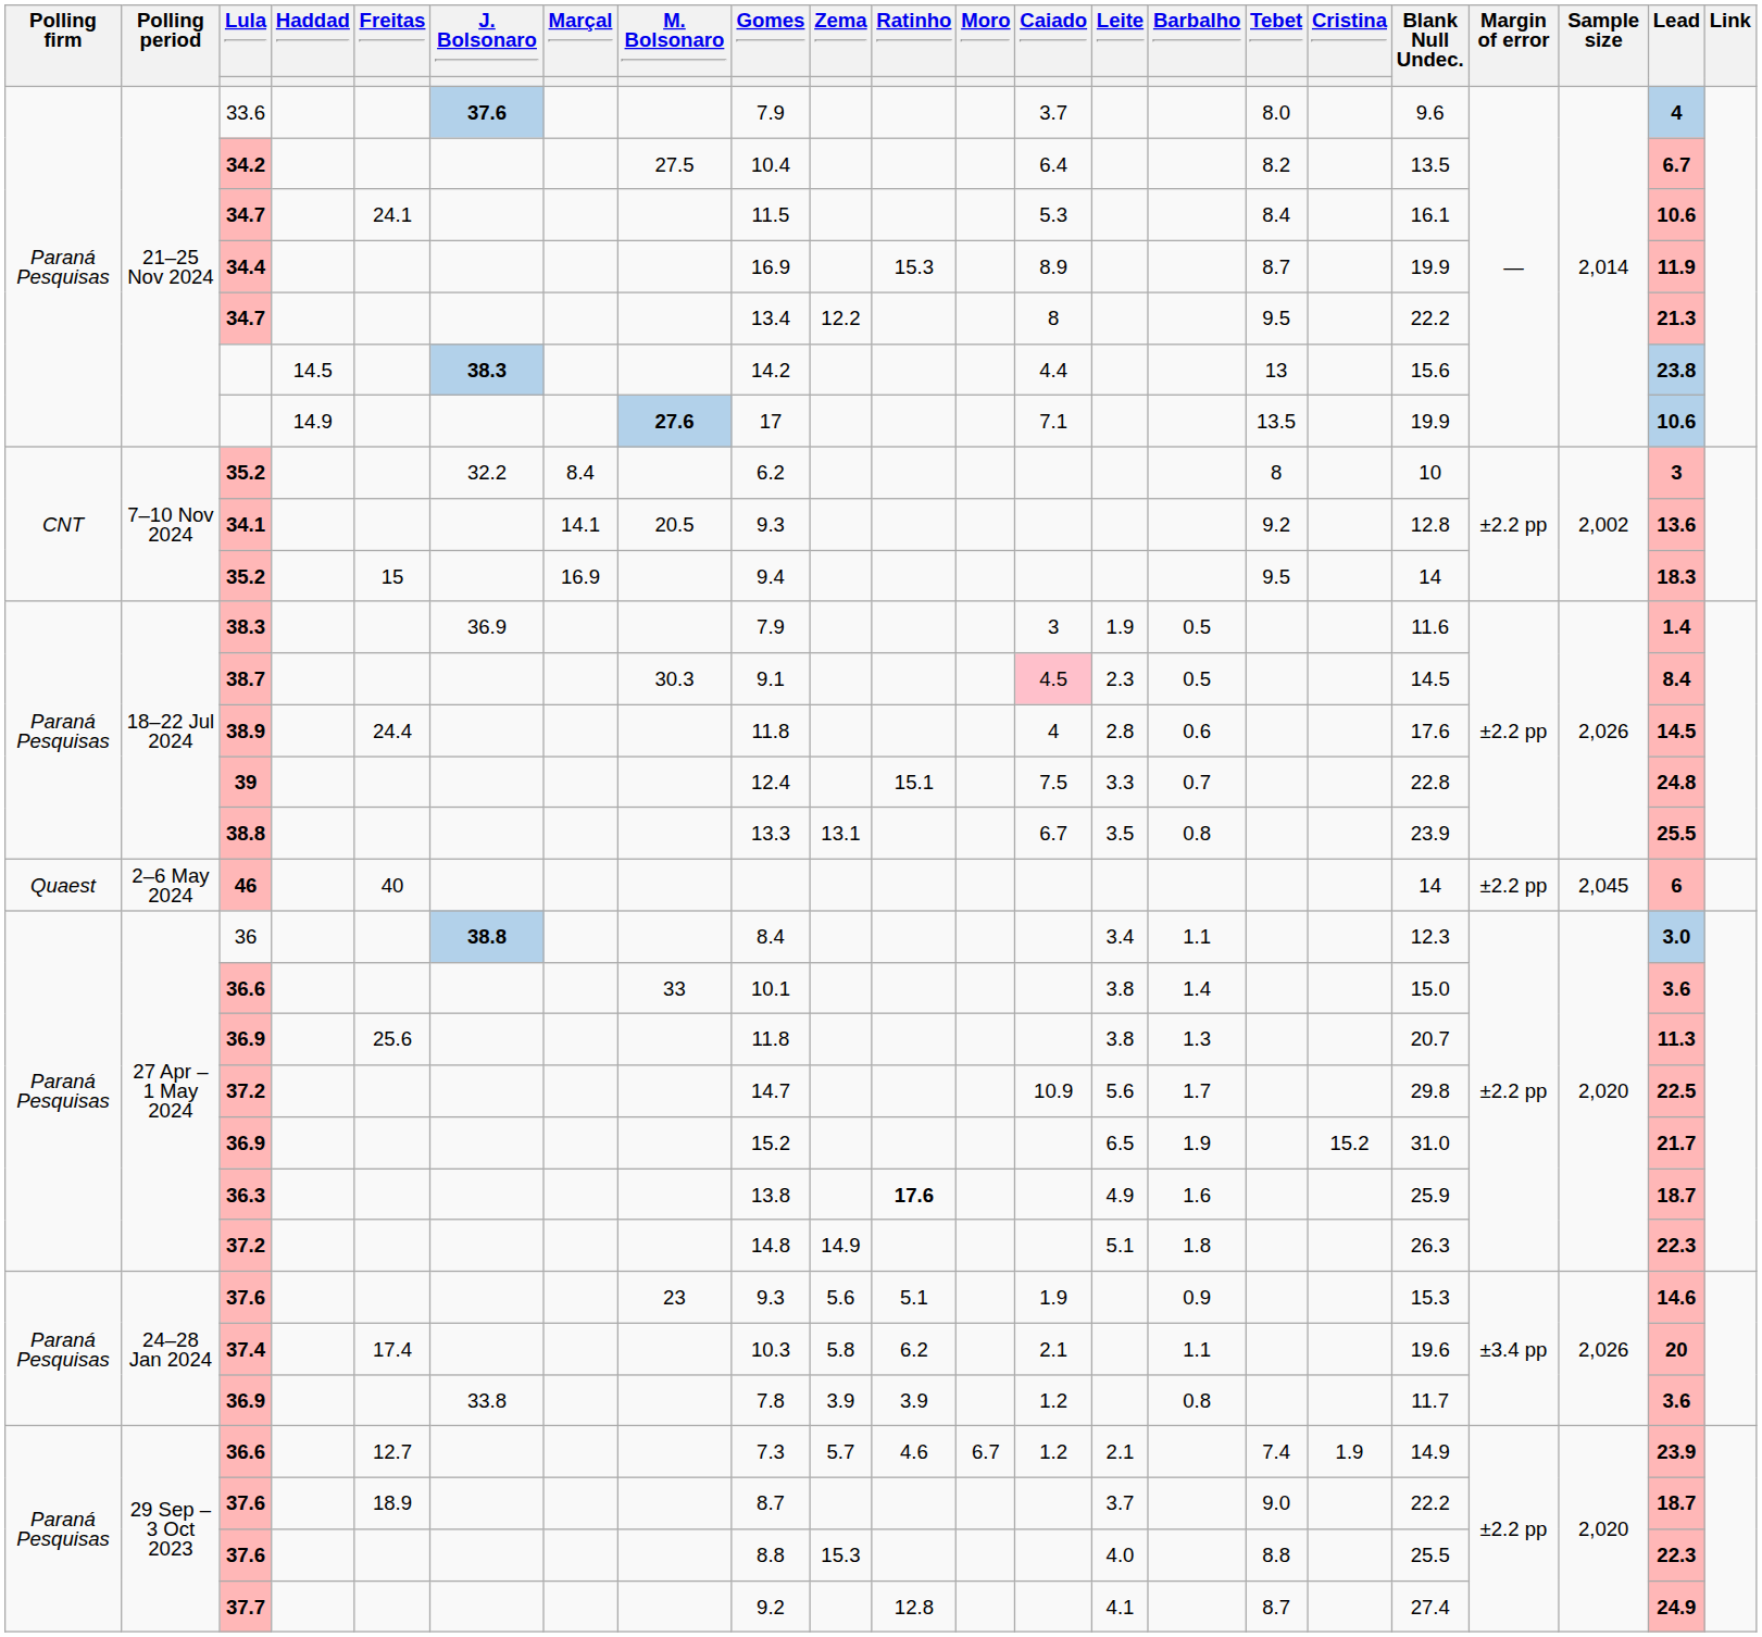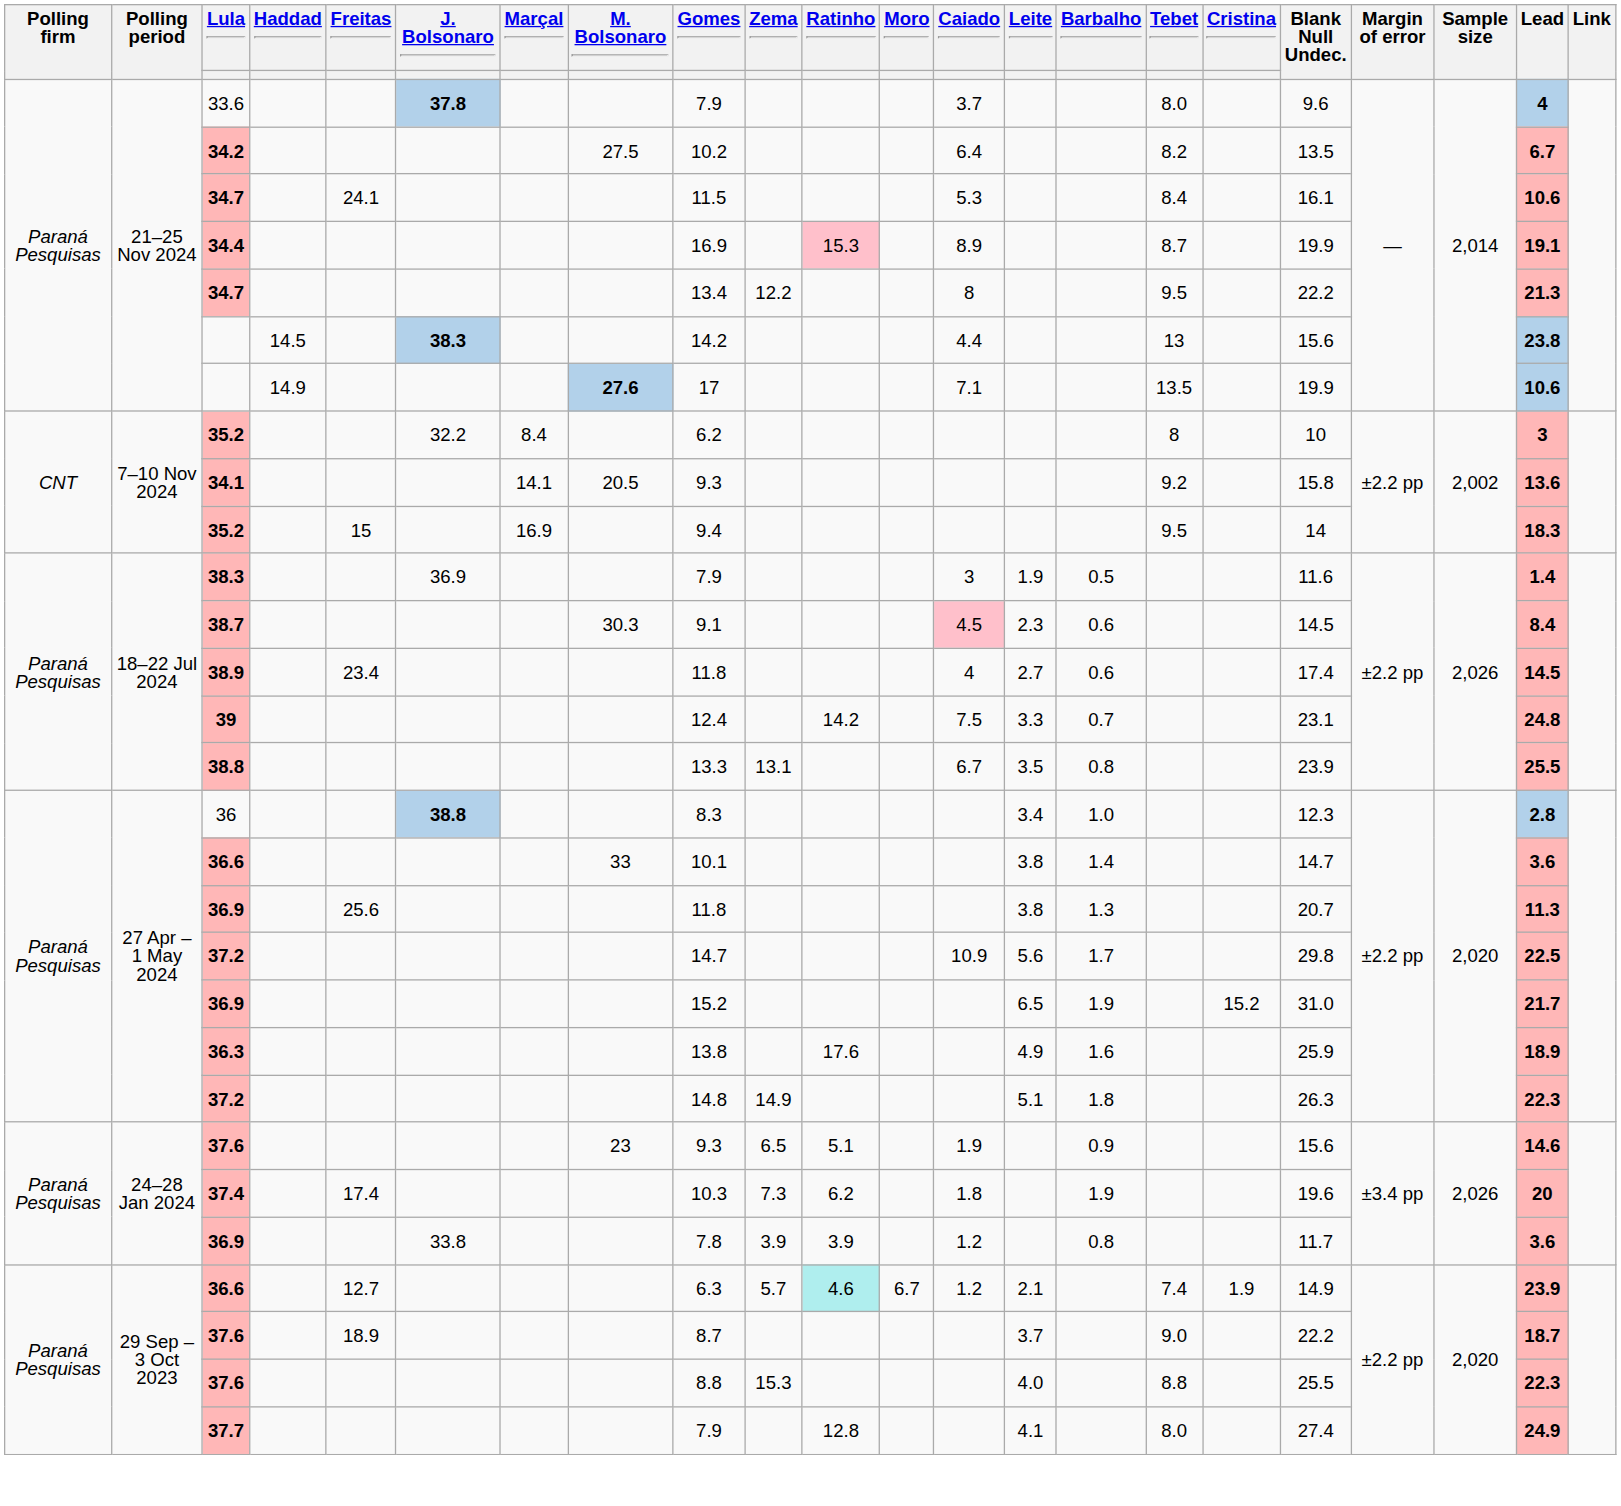 <table class="wikitable" style="text-align:center;font-size:90%;line-height:14px">
 <tr valign=top>
 <th rowspan="2">Polling firm</th>
 <th rowspan="2">Polling period</th>
 <th><a href='#'>Lula</a><hr></th>
 <th><a href='#'>Haddad</a><hr></th>
 <th><a href='#'>Freitas</a><hr></th>
 <th><a href='#'>J. Bolsonaro</a><hr></th>
 <th><a href='#'>Marçal</a><hr></th>
 <th><a href='#'>M. Bolsonaro</a><hr></th>
 <th><a href='#'>Gomes</a><hr></th>
 <th><a href='#'>Zema</a><hr></th>
 <th><a href='#'>Ratinho</a><hr></th>
 <th><a href='#'>Moro</a><hr></th>
 <th><a href='#'>Caiado</a><hr></th>
 <th><a href='#'>Leite</a><hr></th>
 <th><a href='#'>Barbalho</a><hr></th>
 <th><a href='#'>Tebet</a><hr></th>
 <th><a href='#'>Cristina</a><hr></th>
 <th rowspan="2">Blank<br>Null<br>Undec.<br></th>
 <th rowspan="2">Margin of error<br></th>
 <th rowspan="2">Sample size</th>
 <th rowspan="2">Lead</th>
 <th rowspan="2">Link</th>
 </tr>
 <tr>
 <th style=background:></th>
 <th style=background:></th>
 <th style="background:"></th>
 <th style="background:"></th>
 <th style=background:></th>
 <th style="background:"></th>
 <th style=background:></th>
 <th style=background:></th>
 <th style=background:></th>
 <th style="background:"></th>
 <th style="background:"></th>
 <th style=background:></th>
 <th style="background:"></th>
 <th style="background:"></th>
 <th style="background:"></th>
 </tr>
 <tr>
 <td rowspan="7"><em>Paraná Pesquisas</em></td>
 <td rowspan="7">21–25 Nov 2024</td>
 <td>33.6</td>
 <td></td>
 <td></td>
-<td style="background:#b2d1ea;font-weight:bold;height:30px">37.6</td>
+<td style="background:#b2d1ea;font-weight:bold;height:30px">37.8</td>
 <td></td>
 <td></td>
 <td>7.9</td>
 <td></td>
 <td></td>
 <td></td>
 <td>3.7</td>
 <td></td>
 <td></td>
 <td>8.0</td>
 <td></td>
 <td>9.6</td>
 <td rowspan="7">—</td>
 <td rowspan="7">2,014</td>
 <td style="background:#b2d1ea;font-weight:bold">4</td>
 <td rowspan="7"></td>
 </tr>
 <tr>
 <td style="background:#ffb7b7;font-weight:bold;height:30px">34.2</td>
 <td></td>
 <td></td>
 <td></td>
 <td></td>
 <td>27.5</td>
-<td>10.4</td>
+<td>10.2</td>
 <td></td>
 <td></td>
 <td></td>
 <td>6.4</td>
 <td></td>
 <td></td>
 <td>8.2</td>
 <td></td>
 <td>13.5</td>
 <td style="background:#ffb7b7;font-weight:bold">6.7</td>
 </tr>
 <tr>
 <td style="background:#ffb7b7;font-weight:bold;height:30px">34.7</td>
 <td></td>
 <td>24.1</td>
 <td></td>
 <td></td>
 <td></td>
 <td>11.5</td>
 <td></td>
 <td></td>
 <td></td>
 <td>5.3</td>
 <td></td>
 <td></td>
 <td>8.4</td>
 <td></td>
 <td>16.1</td>
 <td style="background:#ffb7b7;font-weight:bold">10.6</td>
 </tr>
 <tr>
 <td style="background:#ffb7b7;font-weight:bold;height:30px">34.4</td>
 <td></td>
 <td></td>
 <td></td>
 <td></td>
 <td></td>
 <td>16.9</td>
 <td></td>
-<td>15.3</td>
+<td style="background: pink;">15.3</td>
 <td></td>
 <td>8.9</td>
 <td></td>
 <td></td>
 <td>8.7</td>
 <td></td>
 <td>19.9</td>
-<td style="background:#ffb7b7;font-weight:bold">11.9</td>
+<td style="background:#ffb7b7;font-weight:bold">19.1</td>
 </tr>
 <tr>
 <td style="background:#ffb7b7;font-weight:bold;height:30px">34.7</td>
 <td></td>
 <td></td>
 <td></td>
 <td></td>
 <td></td>
 <td>13.4</td>
 <td>12.2</td>
 <td></td>
 <td></td>
 <td>8</td>
 <td></td>
 <td></td>
 <td>9.5</td>
 <td></td>
 <td>22.2</td>
 <td style="background:#ffb7b7;font-weight:bold">21.3</td>
 </tr>
 <tr>
 <td></td>
 <td>14.5</td>
 <td></td>
 <td style="background:#b2d1ea;font-weight:bold;height:30px">38.3</td>
 <td></td>
 <td></td>
 <td>14.2</td>
 <td></td>
 <td></td>
 <td></td>
 <td>4.4</td>
 <td></td>
 <td></td>
 <td>13</td>
 <td></td>
 <td>15.6</td>
 <td style="background:#b2d1ea;font-weight:bold">23.8</td>
 </tr>
 <tr>
 <td></td>
 <td>14.9</td>
 <td></td>
 <td></td>
 <td></td>
 <td style="background:#b2d1ea;font-weight:bold;height:30px">27.6</td>
 <td>17</td>
 <td></td>
 <td></td>
 <td></td>
 <td>7.1</td>
 <td></td>
 <td></td>
 <td>13.5</td>
 <td></td>
 <td>19.9</td>
 <td style="background:#b2d1ea;font-weight:bold">10.6</td>
 </tr>
 <tr>
 <td rowspan="3"><em>CNT</em></td>
 <td rowspan="3">7–10 Nov 2024</td>
 <td style="background:#ffb7b7;font-weight:bold;height:30px">35.2</td>
 <td></td>
 <td></td>
 <td>32.2</td>
 <td>8.4</td>
 <td></td>
 <td>6.2</td>
 <td></td>
 <td></td>
 <td></td>
 <td></td>
 <td></td>
 <td></td>
 <td>8</td>
 <td></td>
 <td>10</td>
 <td rowspan="3">±2.2 pp</td>
 <td rowspan="3">2,002</td>
 <td style="background:#ffb7b7;font-weight:bold">3</td>
 <td rowspan="3"></td>
 </tr>
 <tr>
 <td style="background:#ffb7b7;font-weight:bold;height:30px">34.1</td>
 <td></td>
 <td></td>
 <td></td>
 <td>14.1</td>
 <td>20.5</td>
 <td>9.3</td>
 <td></td>
 <td></td>
 <td></td>
 <td></td>
 <td></td>
 <td></td>
 <td>9.2</td>
 <td></td>
-<td>12.8</td>
+<td>15.8</td>
 <td style="background:#ffb7b7;font-weight:bold">13.6</td>
 </tr>
 <tr>
 <td style="background:#ffb7b7;font-weight:bold;height:30px">35.2</td>
 <td></td>
 <td>15</td>
 <td></td>
 <td>16.9</td>
 <td></td>
 <td>9.4</td>
 <td></td>
 <td></td>
 <td></td>
 <td></td>
 <td></td>
 <td></td>
 <td>9.5</td>
 <td></td>
 <td>14</td>
 <td style="background:#ffb7b7;font-weight:bold">18.3</td>
 </tr>
 <tr>
 <td rowspan="5"><em>Paraná Pesquisas</em></td>
 <td rowspan="5">18–22 Jul 2024</td>
 <td style="background:#ffb7b7;font-weight:bold;height:30px">38.3</td>
 <td></td>
 <td></td>
 <td>36.9</td>
 <td></td>
 <td></td>
 <td>7.9</td>
 <td></td>
 <td></td>
 <td></td>
 <td>3</td>
 <td>1.9</td>
 <td>0.5</td>
 <td></td>
 <td></td>
 <td>11.6</td>
 <td rowspan="5">±2.2 pp</td>
 <td rowspan="5">2,026</td>
 <td style="background:#ffb7b7;font-weight:bold">1.4</td>
 <td rowspan="5"></td>
 </tr>
 <tr>
 <td style="background:#ffb7b7;font-weight:bold;height:30px">38.7</td>
 <td></td>
 <td></td>
 <td></td>
 <td></td>
 <td>30.3</td>
 <td>9.1</td>
 <td></td>
 <td></td>
 <td></td>
 <td style="background: pink;">4.5</td>
 <td>2.3</td>
-<td>0.5</td>
+<td>0.6</td>
 <td></td>
 <td></td>
 <td>14.5</td>
 <td style="background:#ffb7b7;font-weight:bold">8.4</td>
 </tr>
 <tr>
 <td style="background:#ffb7b7;font-weight:bold;height:30px">38.9</td>
 <td></td>
-<td>24.4</td>
+<td>23.4</td>
 <td></td>
 <td></td>
 <td></td>
 <td>11.8</td>
 <td></td>
 <td></td>
 <td></td>
 <td>4</td>
-<td>2.8</td>
+<td>2.7</td>
 <td>0.6</td>
 <td></td>
 <td></td>
-<td>17.6</td>
+<td>17.4</td>
 <td style="background:#ffb7b7;font-weight:bold">14.5</td>
 </tr>
 <tr>
 <td style="background:#ffb7b7;font-weight:bold;height:30px">39</td>
 <td></td>
 <td></td>
 <td></td>
 <td></td>
 <td></td>
 <td>12.4</td>
 <td></td>
-<td>15.1</td>
+<td>14.2</td>
 <td></td>
 <td>7.5</td>
 <td>3.3</td>
 <td>0.7</td>
 <td></td>
 <td></td>
-<td>22.8</td>
+<td>23.1</td>
 <td style="background:#ffb7b7;font-weight:bold">24.8</td>
 </tr>
 <tr>
 <td style="background:#ffb7b7;font-weight:bold;height:30px">38.8</td>
 <td></td>
 <td></td>
 <td></td>
 <td></td>
 <td></td>
 <td>13.3</td>
 <td>13.1</td>
 <td></td>
 <td></td>
 <td>6.7</td>
 <td>3.5</td>
 <td>0.8</td>
 <td></td>
 <td></td>
 <td>23.9</td>
 <td style="background:#ffb7b7;font-weight:bold">25.5</td>
 </tr>
 <tr>
-<td><em>Quaest</em></td>
-<td>2–6 May 2024</td>
-<td style="background:#ffb7b7;font-weight:bold;height:30px">46</td>
-<td></td>
-<td>40</td>
-<td></td>
-<td></td>
-<td></td>
-<td></td>
-<td></td>
-<td></td>
-<td></td>
-<td></td>
-<td></td>
-<td></td>
-<td></td>
-<td></td>
-<td>14</td>
-<td>±2.2 pp</td>
-<td>2,045</td>
-<td style="background:#ffb7b7;font-weight:bold">6</td>
-<td></td>
-</tr>
-<tr>
 <td rowspan="7"><em>Paraná Pesquisas</em></td>
 <td rowspan="7">27 Apr – 1 May 2024</td>
 <td>36</td>
 <td></td>
 <td></td>
 <td style="background:#b2d1ea;font-weight:bold;height:30px">38.8</td>
 <td></td>
 <td></td>
-<td>8.4</td>
+<td>8.3</td>
 <td></td>
 <td></td>
 <td></td>
 <td></td>
 <td>3.4</td>
-<td>1.1</td>
+<td>1.0</td>
 <td></td>
 <td></td>
 <td>12.3</td>
 <td rowspan="7">±2.2 pp</td>
 <td rowspan="7">2,020</td>
-<td style="background:#b2d1ea;font-weight:bold">3.0</td>
+<td style="background:#b2d1ea;font-weight:bold">2.8</td>
 <td rowspan="7"></td>
 </tr>
 <tr>
 <td style="background:#ffb7b7;font-weight:bold;height:30px">36.6</td>
 <td></td>
 <td></td>
 <td></td>
 <td></td>
 <td>33</td>
 <td>10.1</td>
 <td></td>
 <td></td>
 <td></td>
 <td></td>
 <td>3.8</td>
 <td>1.4</td>
 <td></td>
 <td></td>
-<td>15.0</td>
+<td>14.7</td>
 <td style="background:#ffb7b7;font-weight:bold">3.6</td>
 </tr>
 <tr>
 <td style="background:#ffb7b7;font-weight:bold;height:30px">36.9</td>
 <td></td>
 <td>25.6</td>
 <td></td>
 <td></td>
 <td></td>
 <td>11.8</td>
 <td></td>
 <td></td>
 <td></td>
 <td></td>
 <td>3.8</td>
 <td>1.3</td>
 <td></td>
 <td></td>
 <td>20.7</td>
 <td style="background:#ffb7b7;font-weight:bold">11.3</td>
 </tr>
 <tr>
 <td style="background:#ffb7b7;font-weight:bold;height:30px">37.2</td>
 <td></td>
 <td></td>
 <td></td>
 <td></td>
 <td></td>
 <td>14.7</td>
 <td></td>
 <td></td>
 <td></td>
 <td>10.9</td>
 <td>5.6</td>
 <td>1.7</td>
 <td></td>
 <td></td>
 <td>29.8</td>
 <td style="background:#ffb7b7;font-weight:bold">22.5</td>
 </tr>
 <tr>
 <td style="background:#ffb7b7;font-weight:bold;height:30px">36.9</td>
 <td></td>
 <td></td>
 <td></td>
 <td></td>
 <td></td>
 <td>15.2</td>
 <td></td>
 <td></td>
 <td></td>
 <td></td>
 <td>6.5</td>
 <td>1.9</td>
 <td></td>
 <td>15.2</td>
 <td>31.0</td>
 <td style="background:#ffb7b7;font-weight:bold">21.7</td>
 </tr>
 <tr>
 <td style="background:#ffb7b7;font-weight:bold;height:30px">36.3</td>
 <td></td>
 <td></td>
 <td></td>
 <td></td>
 <td></td>
 <td>13.8</td>
 <td></td>
-<td><strong>17.6</strong></td>
+<td>17.6</td>
 <td></td>
 <td></td>
 <td>4.9</td>
 <td>1.6</td>
 <td></td>
 <td></td>
 <td>25.9</td>
-<td style="background:#ffb7b7;font-weight:bold">18.7</td>
+<td style="background:#ffb7b7;font-weight:bold">18.9</td>
 </tr>
 <tr>
 <td style="background:#ffb7b7;font-weight:bold;height:30px">37.2</td>
 <td></td>
 <td></td>
 <td></td>
 <td></td>
 <td></td>
 <td>14.8</td>
 <td>14.9</td>
 <td></td>
 <td></td>
 <td></td>
 <td>5.1</td>
 <td>1.8</td>
 <td></td>
 <td></td>
 <td>26.3</td>
 <td style="background:#ffb7b7;font-weight:bold">22.3</td>
 </tr>
 <tr>
 <td rowspan="3"><em>Paraná Pesquisas</em></td>
 <td rowspan="3">24–28 Jan 2024</td>
 <td style="background:#ffb7b7;font-weight:bold;height:30px">37.6</td>
 <td></td>
 <td></td>
 <td></td>
 <td></td>
 <td>23</td>
 <td>9.3</td>
-<td>5.6</td>
+<td>6.5</td>
 <td>5.1</td>
 <td></td>
 <td>1.9</td>
 <td></td>
 <td>0.9</td>
 <td></td>
 <td></td>
-<td>15.3</td>
+<td>15.6</td>
 <td rowspan="3">±3.4 pp</td>
 <td rowspan="3">2,026</td>
 <td style="background:#ffb7b7;font-weight:bold">14.6</td>
 <td rowspan="3"></td>
 </tr>
 <tr>
 <td style="background:#ffb7b7;font-weight:bold;height:30px">37.4</td>
 <td></td>
 <td>17.4</td>
 <td></td>
 <td></td>
 <td></td>
 <td>10.3</td>
-<td>5.8</td>
+<td>7.3</td>
 <td>6.2</td>
 <td></td>
-<td>2.1</td>
+<td>1.8</td>
 <td></td>
-<td>1.1</td>
+<td>1.9</td>
 <td></td>
 <td></td>
 <td>19.6</td>
 <td style="background:#ffb7b7;font-weight:bold">20</td>
 </tr>
 <tr>
 <td style="background:#ffb7b7;font-weight:bold;height:30px">36.9</td>
 <td></td>
 <td></td>
 <td>33.8</td>
 <td></td>
 <td></td>
 <td>7.8</td>
 <td>3.9</td>
 <td>3.9</td>
 <td></td>
 <td>1.2</td>
 <td></td>
 <td>0.8</td>
 <td></td>
 <td></td>
 <td>11.7</td>
 <td style="background:#ffb7b7;font-weight:bold">3.6</td>
 </tr>
 <tr>
 <td rowspan="4"><em>Paraná Pesquisas</em></td>
 <td rowspan="4">29 Sep – 3 Oct 2023</td>
 <td style="background:#ffb7b7;font-weight:bold;height:30px">36.6</td>
 <td></td>
 <td>12.7</td>
 <td></td>
 <td></td>
 <td></td>
-<td>7.3</td>
+<td>6.3</td>
 <td>5.7</td>
-<td>4.6</td>
+<td style="background: paleturquoise;">4.6</td>
 <td>6.7</td>
 <td>1.2</td>
 <td>2.1</td>
 <td></td>
 <td>7.4</td>
 <td>1.9</td>
 <td>14.9</td>
 <td rowspan="4">±2.2 pp</td>
 <td rowspan="4">2,020</td>
 <td style="background:#ffb7b7;font-weight:bold">23.9</td>
 <td rowspan="4"></td>
 </tr>
 <tr>
 <td style="background:#ffb7b7;font-weight:bold;height:30px">37.6</td>
 <td></td>
 <td>18.9</td>
 <td></td>
 <td></td>
 <td></td>
 <td>8.7</td>
 <td></td>
 <td></td>
 <td></td>
 <td></td>
 <td>3.7</td>
 <td></td>
 <td>9.0</td>
 <td></td>
 <td>22.2</td>
 <td style="background:#ffb7b7;font-weight:bold">18.7</td>
 </tr>
 <tr>
 <td style="background:#ffb7b7;font-weight:bold;height:30px">37.6</td>
 <td></td>
 <td></td>
 <td></td>
 <td></td>
 <td></td>
 <td>8.8</td>
 <td>15.3</td>
 <td></td>
 <td></td>
 <td></td>
 <td>4.0</td>
 <td></td>
 <td>8.8</td>
 <td></td>
 <td>25.5</td>
 <td style="background:#ffb7b7;font-weight:bold">22.3</td>
 </tr>
 <tr>
 <td style="background:#ffb7b7;font-weight:bold;height:30px">37.7</td>
 <td></td>
 <td></td>
 <td></td>
 <td></td>
 <td></td>
-<td>9.2</td>
+<td>7.9</td>
 <td></td>
 <td>12.8</td>
 <td></td>
 <td></td>
 <td>4.1</td>
 <td></td>
-<td>8.7</td>
+<td>8.0</td>
 <td></td>
 <td>27.4</td>
 <td style="background:#ffb7b7;font-weight:bold">24.9</td>
 </tr>
 </table>
